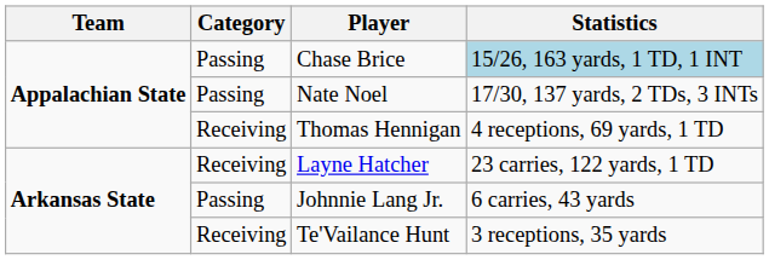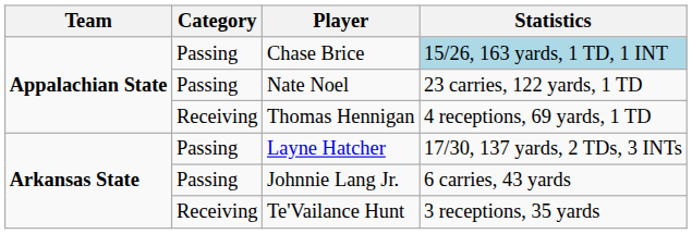 <table class="wikitable" style="float: left;">
 <tr>
 <th>Team</th>
 <th>Category</th>
 <th>Player</th>
 <th>Statistics</th>
 </tr>
 <tr>
 <td rowspan=3><strong>Appalachian State</strong></td>
 <td>Passing</td>
 <td>Chase Brice</td>
 <td style="background: lightblue;">15/26, 163 yards, 1 TD, 1 INT</td>
 </tr>
 <tr>
 <td>Passing</td>
 <td>Nate Noel</td>
-<td>17/30, 137 yards, 2 TDs, 3 INTs</td>
+<td>23 carries, 122 yards, 1 TD</td>
 </tr>
 <tr>
 <td>Receiving</td>
 <td>Thomas Hennigan</td>
 <td>4 receptions, 69 yards, 1 TD</td>
 </tr>
 <tr>
 <td rowspan=3><strong>Arkansas State</strong></td>
-<td>Receiving</td>
+<td>Passing</td>
 <td><a href='#'>Layne Hatcher</a></td>
-<td>23 carries, 122 yards, 1 TD</td>
+<td>17/30, 137 yards, 2 TDs, 3 INTs</td>
 </tr>
 <tr>
 <td>Passing</td>
 <td>Johnnie Lang Jr.</td>
 <td>6 carries, 43 yards</td>
 </tr>
 <tr>
 <td>Receiving</td>
 <td>Te'Vailance Hunt</td>
 <td>3 receptions, 35 yards</td>
 </tr>
 </table>
